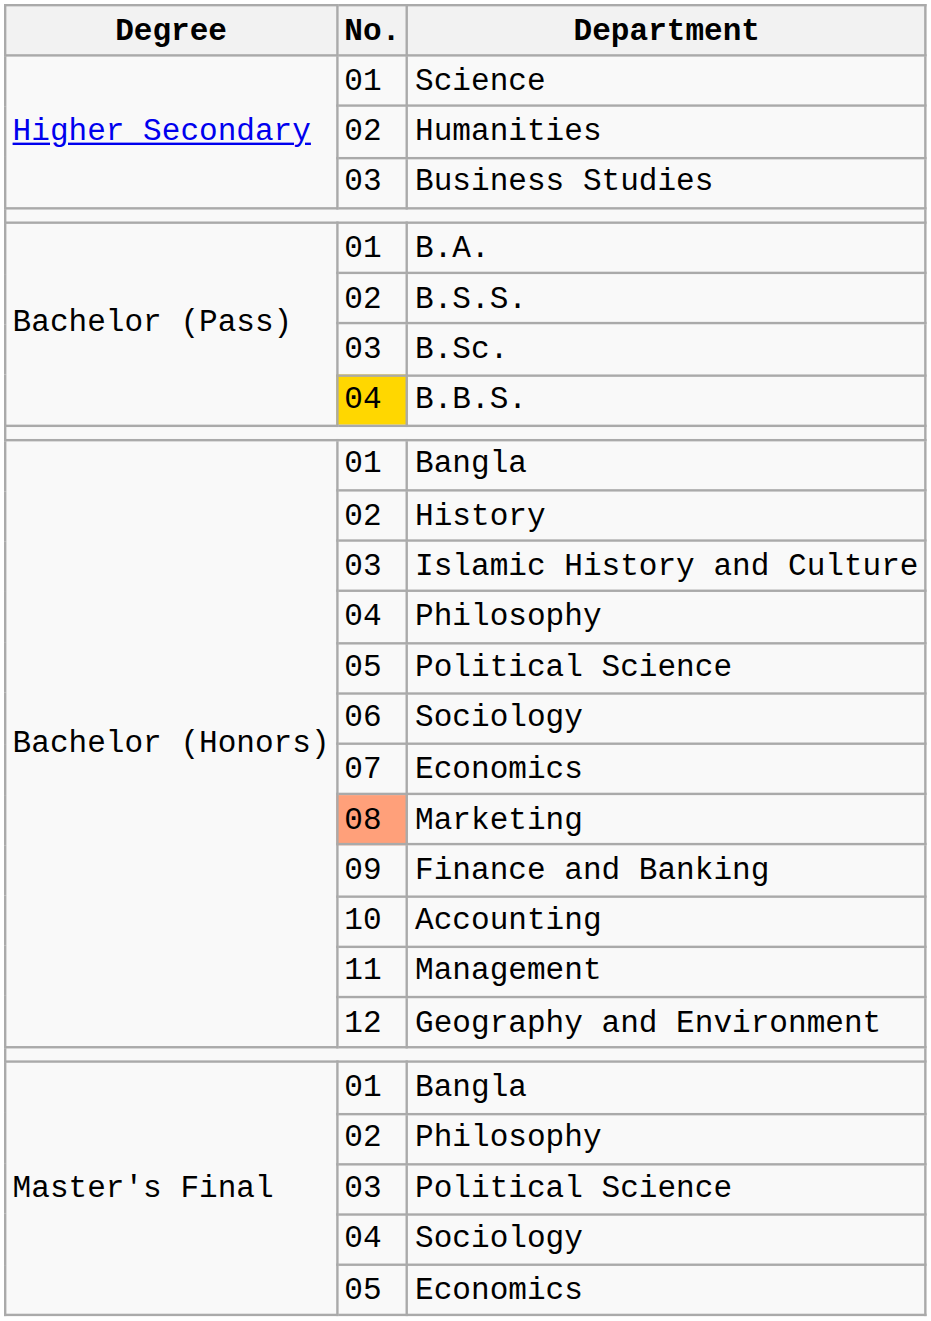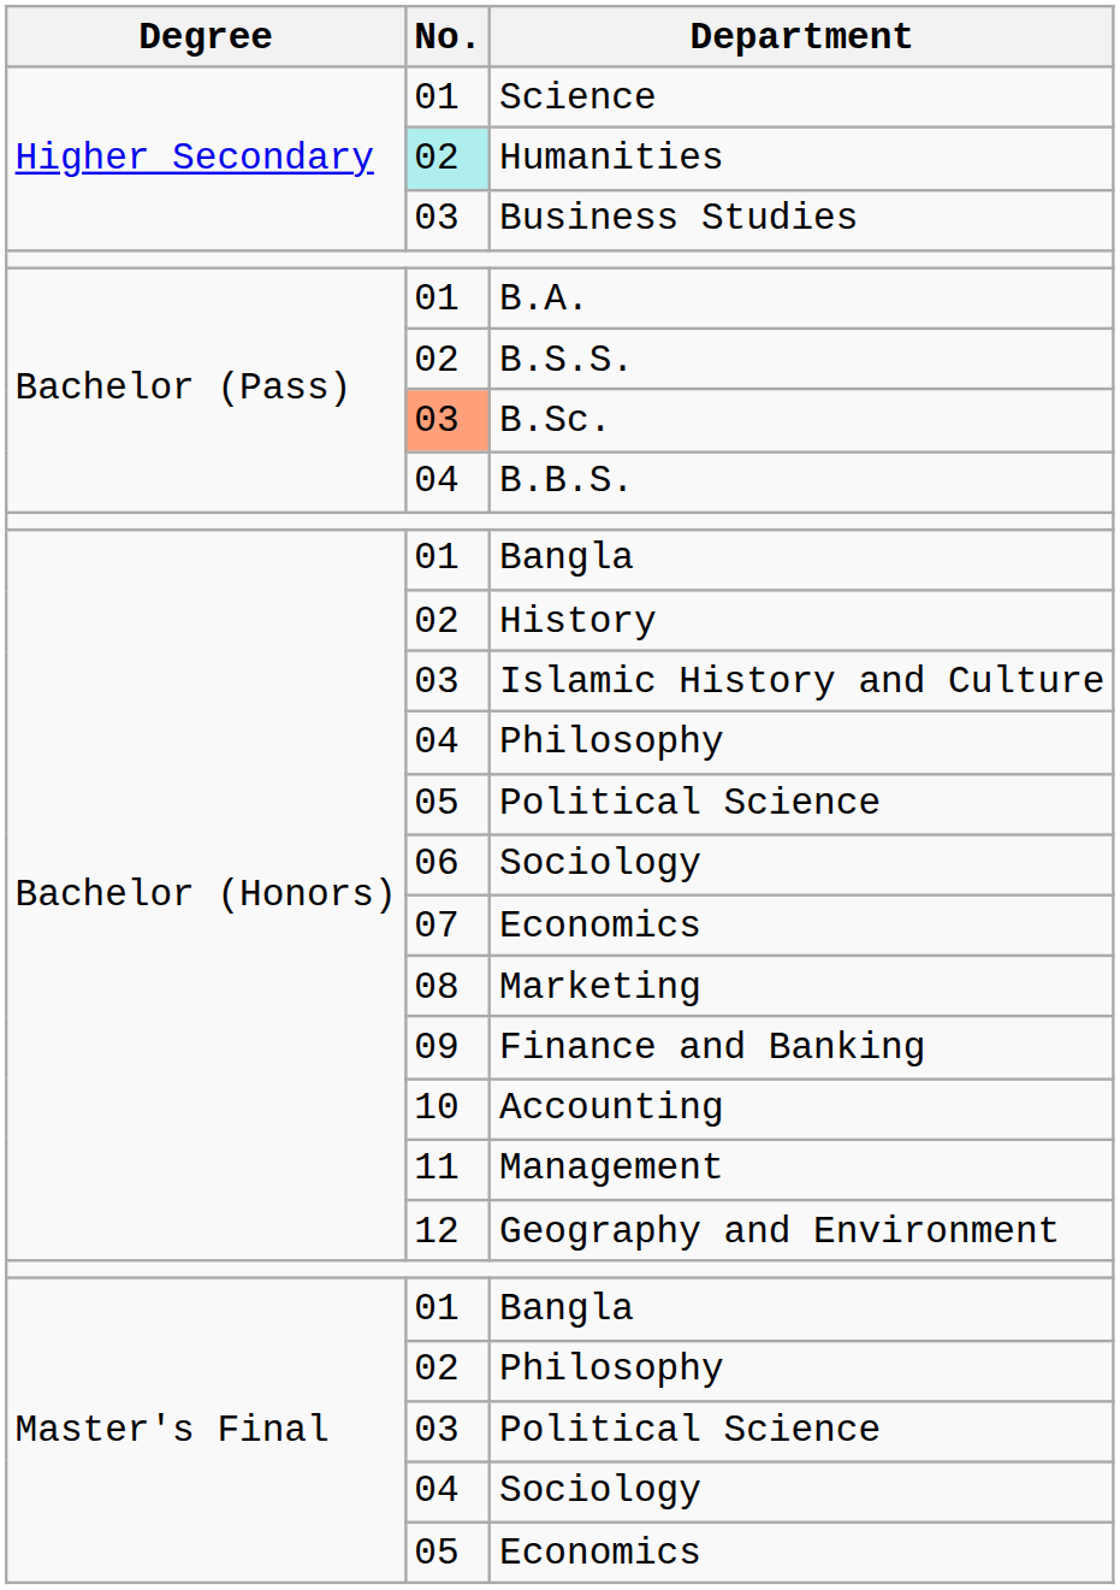 <table class ="wikitable sortable">
 <tr>
 <th>Degree</th>
 <th>No.</th>
 <th>Department</th>
 </tr>
 <tr>
 <td rowspan="3"><a href='#'>Higher Secondary</a></td>
 <td>01</td>
 <td>Science</td>
 </tr>
 <tr>
-<td>02</td>
+<td style="background: paleturquoise;">02</td>
 <td>Humanities</td>
 </tr>
 <tr>
 <td>03</td>
 <td>Business Studies</td>
 </tr>
 <tr>
 <td colspan="3"></td>
 </tr>
 <tr>
 <td rowspan="4">Bachelor (Pass)</td>
 <td>01</td>
 <td>B.A.</td>
 </tr>
 <tr>
 <td>02</td>
 <td>B.S.S.</td>
 </tr>
 <tr>
-<td>03</td>
+<td style="background: lightsalmon;">03</td>
 <td>B.Sc.</td>
 </tr>
 <tr>
-<td style="background: gold;">04</td>
+<td>04</td>
 <td>B.B.S.</td>
 </tr>
 <tr>
 <td colspan="3"></td>
 </tr>
 <tr>
 <td rowspan="12">Bachelor (Honors)</td>
 <td>01</td>
 <td>Bangla</td>
 </tr>
 <tr>
 <td>02</td>
 <td>History</td>
 </tr>
 <tr>
 <td>03</td>
 <td>Islamic History and Culture</td>
 </tr>
 <tr>
 <td>04</td>
 <td>Philosophy</td>
 </tr>
 <tr>
 <td>05</td>
 <td>Political Science</td>
 </tr>
 <tr>
 <td>06</td>
 <td>Sociology</td>
 </tr>
 <tr>
 <td>07</td>
 <td>Economics</td>
 </tr>
 <tr>
-<td style="background: lightsalmon;">08</td>
+<td>08</td>
 <td>Marketing</td>
 </tr>
 <tr>
 <td>09</td>
 <td>Finance and Banking</td>
 </tr>
 <tr>
 <td>10</td>
 <td>Accounting</td>
 </tr>
 <tr>
 <td>11</td>
 <td>Management</td>
 </tr>
 <tr>
 <td>12</td>
 <td>Geography and Environment</td>
 </tr>
 <tr>
 <td colspan="3"></td>
 </tr>
 <tr>
 <td rowspan="5">Master's Final</td>
 <td>01</td>
 <td>Bangla</td>
 </tr>
 <tr>
 <td>02</td>
 <td>Philosophy</td>
 </tr>
 <tr>
 <td>03</td>
 <td>Political Science</td>
 </tr>
 <tr>
 <td>04</td>
 <td>Sociology</td>
 </tr>
 <tr>
 <td>05</td>
 <td>Economics</td>
 </tr>
 </table>
